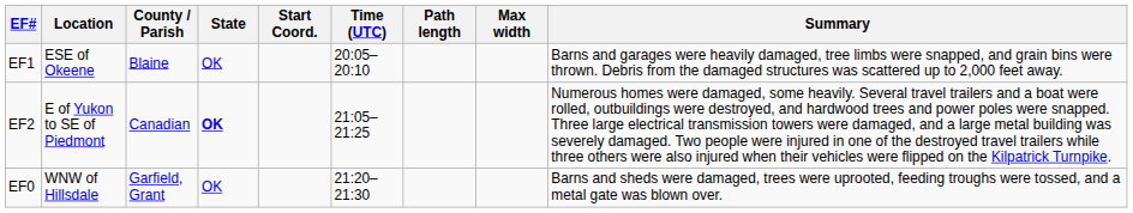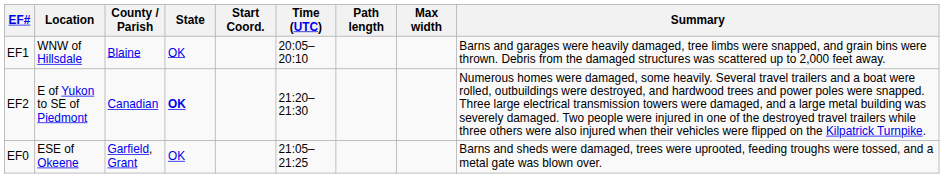 <table class="wikitable sortable" style="width:100%;">
 <tr>
 <th scope="col"  style="width:3%; text-align:center;"><a href='#'>EF#</a></th>
 <th scope="col"  style="width:7%; text-align:center;" class="unsortable">Location</th>
 <th scope="col"  style="width:6%; text-align:center;" class="unsortable">County / Parish</th>
 <th scope="col"  style="width:5%; text-align:center;">State</th>
 <th scope="col"  style="width:6%; text-align:center;">Start Coord.</th>
 <th scope="col"  style="width:6%; text-align:center;">Time (<a href='#'>UTC</a>)</th>
 <th scope="col"  style="width:6%; text-align:center;">Path length</th>
 <th scope="col"  style="width:6%; text-align:center;">Max width</th>
 <th scope="col" class="unsortable" style="width:48%; text-align:center;">Summary</th>
 </tr>
 <tr>
 <td>EF1</td>
-<td>ESE of <a href='#'>Okeene</a></td>
+<td>WNW of <a href='#'>Hillsdale</a></td>
 <td><a href='#'>Blaine</a></td>
 <td><a href='#'>OK</a></td>
 <td></td>
 <td>20:05–20:10</td>
 <td></td>
 <td></td>
 <td>Barns and garages were heavily damaged, tree limbs were snapped, and grain bins were thrown. Debris from the damaged structures was scattered up to 2,000 feet away.</td>
 </tr>
 <tr>
 <td>EF2</td>
 <td>E of <a href='#'>Yukon</a> to SE of <a href='#'>Piedmont</a></td>
 <td><a href='#'>Canadian</a></td>
 <td><strong><a href='#'>OK</a></strong></td>
 <td></td>
-<td>21:05–21:25</td>
+<td>21:20–21:30</td>
 <td></td>
 <td></td>
 <td>Numerous homes were damaged, some heavily. Several travel trailers and a boat were rolled, outbuildings were destroyed, and hardwood trees and power poles were snapped. Three large electrical transmission towers were damaged, and a large metal building was severely damaged. Two people were injured in one of the destroyed travel trailers while three others were also injured when their vehicles were flipped on the <a href='#'>Kilpatrick Turnpike</a>.</td>
 </tr>
 <tr>
 <td>EF0</td>
-<td>WNW of <a href='#'>Hillsdale</a></td>
+<td>ESE of <a href='#'>Okeene</a></td>
 <td><a href='#'>Garfield</a>, <a href='#'>Grant</a></td>
 <td><a href='#'>OK</a></td>
 <td></td>
-<td>21:20–21:30</td>
+<td>21:05–21:25</td>
 <td></td>
 <td></td>
 <td>Barns and sheds were damaged, trees were uprooted, feeding troughs were tossed, and a metal gate was blown over.</td>
 </tr>
 </table>
